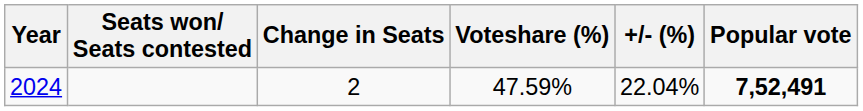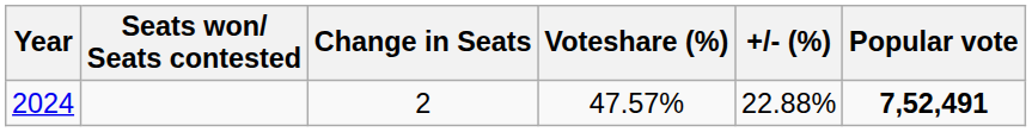 <table class="wikitable sortable">
 <tr>
 <th style="background-color:">Year</th>
 <th style="background-color:">Seats won/<br> Seats contested</th>
 <th style="background-color:">Change in Seats</th>
 <th style="background-color:">Voteshare (%)</th>
 <th style="background-color:">+/- (%)</th>
 <th style="background-color:">Popular vote</th>
 </tr>
 <tr style="text-align:center;">
 <td><a href='#'>2024</a></td>
 <td></td>
 <td> 2</td>
-<td>47.59%</td>
-<td> 22.04%</td>
+<td>47.57%</td>
+<td> 22.88%</td>
 <td><strong>7,52,491</strong></td>
 </tr>
 </table>
